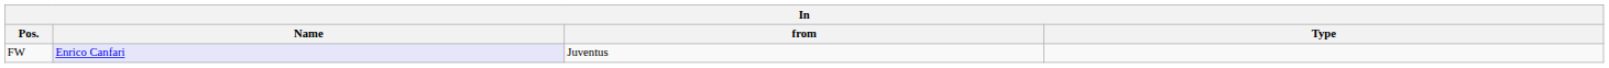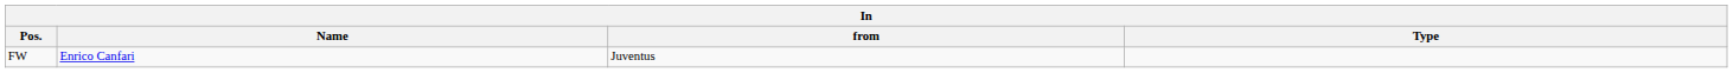 <table class="wikitable" style="font-size:90%;width:99%;">
 <tr>
 <th colspan="4">In</th>
 </tr>
 <tr>
 <th width=3%>Pos.</th>
 <th width=32%>Name</th>
 <th width=30%>from</th>
 <th width=35%>Type</th>
 </tr>
 <tr>
 <td>FW</td>
-<td style="background: lavender;"><a href='#'>Enrico Canfari</a></td>
+<td><a href='#'>Enrico Canfari</a></td>
 <td>Juventus</td>
 <td></td>
 </tr>
 </table>
